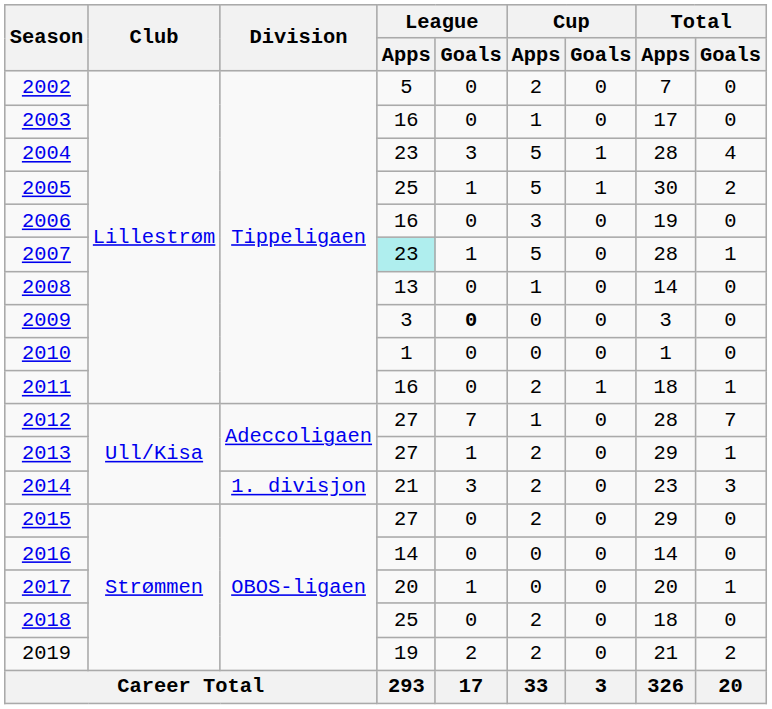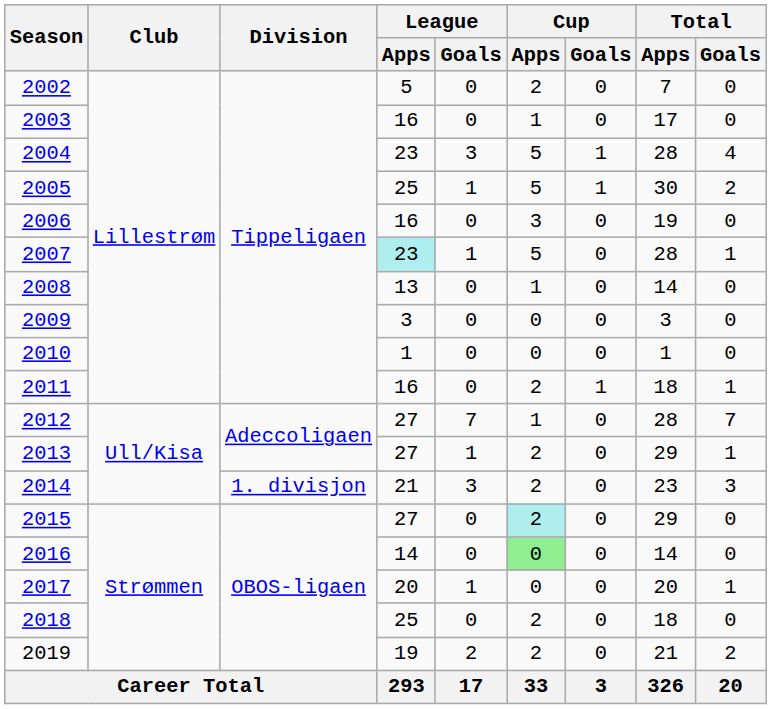 <table class="wikitable" style="text-align: center;">
 <tr>
 <th rowspan="2">Season</th>
 <th rowspan="2">Club</th>
 <th rowspan="2">Division</th>
 <th colspan="2">League</th>
 <th colspan="2">Cup</th>
 <th colspan="2">Total</th>
 </tr>
 <tr>
 <th>Apps</th>
 <th>Goals</th>
 <th>Apps</th>
 <th>Goals</th>
 <th>Apps</th>
 <th>Goals</th>
 </tr>
 <tr>
 <td><a href='#'>2002</a></td>
 <td rowspan="10" valign="center"><a href='#'>Lillestrøm</a></td>
 <td rowspan="10" valign="center"><a href='#'>Tippeligaen</a></td>
 <td>5</td>
 <td>0</td>
 <td>2</td>
 <td>0</td>
 <td>7</td>
 <td>0</td>
 </tr>
 <tr>
 <td><a href='#'>2003</a></td>
 <td>16</td>
 <td>0</td>
 <td>1</td>
 <td>0</td>
 <td>17</td>
 <td>0</td>
 </tr>
 <tr>
 <td><a href='#'>2004</a></td>
 <td>23</td>
 <td>3</td>
 <td>5</td>
 <td>1</td>
 <td>28</td>
 <td>4</td>
 </tr>
 <tr>
 <td><a href='#'>2005</a></td>
 <td>25</td>
 <td>1</td>
 <td>5</td>
 <td>1</td>
 <td>30</td>
 <td>2</td>
 </tr>
 <tr>
 <td><a href='#'>2006</a></td>
 <td>16</td>
 <td>0</td>
 <td>3</td>
 <td>0</td>
 <td>19</td>
 <td>0</td>
 </tr>
 <tr>
 <td><a href='#'>2007</a></td>
 <td style="background: paleturquoise;">23</td>
 <td>1</td>
 <td>5</td>
 <td>0</td>
 <td>28</td>
 <td>1</td>
 </tr>
 <tr>
 <td><a href='#'>2008</a></td>
 <td>13</td>
 <td>0</td>
 <td>1</td>
 <td>0</td>
 <td>14</td>
 <td>0</td>
 </tr>
 <tr>
 <td><a href='#'>2009</a></td>
 <td>3</td>
-<td><strong>0</strong></td>
+<td>0</td>
 <td>0</td>
 <td>0</td>
 <td>3</td>
 <td>0</td>
 </tr>
 <tr>
 <td><a href='#'>2010</a></td>
 <td>1</td>
 <td>0</td>
 <td>0</td>
 <td>0</td>
 <td>1</td>
 <td>0</td>
 </tr>
 <tr>
 <td><a href='#'>2011</a></td>
 <td>16</td>
 <td>0</td>
 <td>2</td>
 <td>1</td>
 <td>18</td>
 <td>1</td>
 </tr>
 <tr>
 <td><a href='#'>2012</a></td>
 <td rowspan="3" valign="center"><a href='#'>Ull/Kisa</a></td>
 <td rowspan="2" valign="center"><a href='#'>Adeccoligaen</a></td>
 <td>27</td>
 <td>7</td>
 <td>1</td>
 <td>0</td>
 <td>28</td>
 <td>7</td>
 </tr>
 <tr>
 <td><a href='#'>2013</a></td>
 <td>27</td>
 <td>1</td>
 <td>2</td>
 <td>0</td>
 <td>29</td>
 <td>1</td>
 </tr>
 <tr>
 <td><a href='#'>2014</a></td>
 <td rowspan="1" valign="center"><a href='#'>1. divisjon</a></td>
 <td>21</td>
 <td>3</td>
 <td>2</td>
 <td>0</td>
 <td>23</td>
 <td>3</td>
 </tr>
 <tr>
 <td><a href='#'>2015</a></td>
 <td valign="center" rowspan="5"><a href='#'>Strømmen</a></td>
 <td valign="center" rowspan="5"><a href='#'>OBOS-ligaen</a></td>
 <td>27</td>
 <td>0</td>
-<td>2</td>
+<td style="background: paleturquoise;">2</td>
 <td>0</td>
 <td>29</td>
 <td>0</td>
 </tr>
 <tr>
 <td><a href='#'>2016</a></td>
 <td>14</td>
 <td>0</td>
-<td>0</td>
+<td style="background: lightgreen;">0</td>
 <td>0</td>
 <td>14</td>
 <td>0</td>
 </tr>
 <tr>
 <td><a href='#'>2017</a></td>
 <td>20</td>
 <td>1</td>
 <td>0</td>
 <td>0</td>
 <td>20</td>
 <td>1</td>
 </tr>
 <tr>
 <td><a href='#'>2018</a></td>
 <td>25</td>
 <td>0</td>
 <td>2</td>
 <td>0</td>
 <td>18</td>
 <td>0</td>
 </tr>
 <tr>
 <td>2019</td>
 <td>19</td>
 <td>2</td>
 <td>2</td>
 <td>0</td>
 <td>21</td>
 <td>2</td>
 </tr>
 <tr>
 <th colspan="3">Career Total</th>
 <th>293</th>
 <th>17</th>
 <th>33</th>
 <th>3</th>
 <th>326</th>
 <th>20</th>
 </tr>
 </table>
